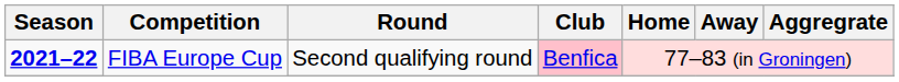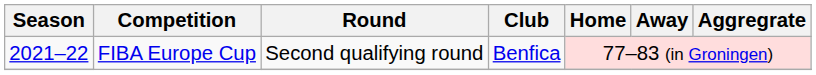 <table class="wikitable" style="text-align:center;">
 <tr>
 <th>Season</th>
 <th>Competition</th>
 <th>Round</th>
 <th>Club</th>
 <th>Home</th>
 <th>Away</th>
 <th>Aggregrate</th>
 </tr>
 <tr>
-<td><strong><a href='#'>2021–22</a></strong></td>
+<td><a href='#'>2021–22</a></td>
 <td rowspan="2"><a href='#'>FIBA Europe Cup</a></td>
 <td>Second qualifying round</td>
-<td align="left" style="background: pink;"> <a href='#'>Benfica</a></td>
+<td align="left"> <a href='#'>Benfica</a></td>
 <td colspan="3" bgcolor="#fdd">77–83 <small>(in <a href='#'>Groningen</a>)</small></td>
 </tr>
 <tr>
 </tr>
 </table>
